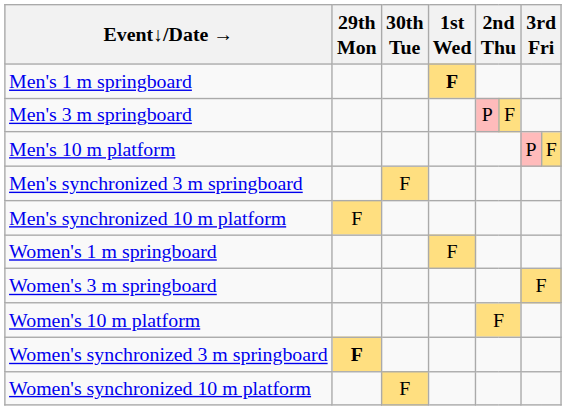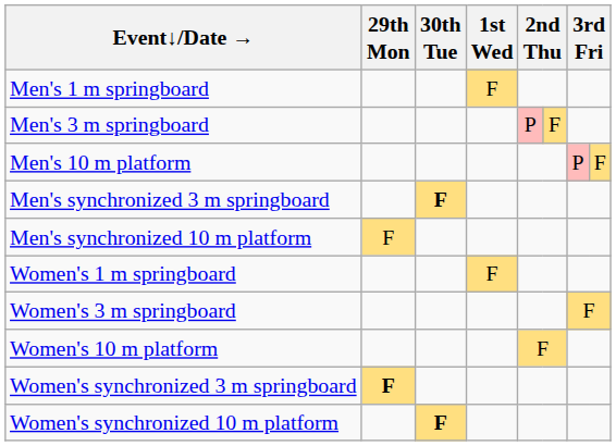 <table class="wikitable" style="margin:0.5em auto; font-size:90%; line-height:1.25em; text-align:center;">
 <tr>
 <th>Event↓/Date →</th>
 <th>29th<br>Mon</th>
 <th>30th<br>Tue</th>
 <th>1st<br>Wed</th>
 <th colspan=2>2nd<br>Thu</th>
 <th colspan=2>3rd<br>Fri</th>
 </tr>
 <tr>
 <td align="left"><a href='#'>Men's 1 m springboard</a></td>
 <td></td>
 <td></td>
-<td bgcolor="#FFDF80"><strong>F</strong></td>
+<td bgcolor="#FFDF80">F</td>
 <td colspan=2></td>
 <td colspan=2></td>
 </tr>
 <tr>
 <td align="left"><a href='#'>Men's 3 m springboard</a></td>
 <td></td>
 <td></td>
 <td></td>
 <td bgcolor="#FFBBBB">P</td>
 <td bgcolor="#FFDF80">F</td>
 <td colspan=2></td>
 </tr>
 <tr>
 <td align="left"><a href='#'>Men's 10 m platform</a></td>
 <td></td>
 <td></td>
 <td></td>
 <td colspan=2></td>
 <td bgcolor="#FFBBBB">P</td>
 <td bgcolor="#FFDF80">F</td>
 </tr>
 <tr>
 <td align="left"><a href='#'>Men's synchronized 3 m springboard</a></td>
 <td></td>
-<td bgcolor="#FFDF80">F</td>
+<td bgcolor="#FFDF80"><strong>F</strong></td>
 <td></td>
 <td colspan=2></td>
 <td colspan=2></td>
 </tr>
 <tr>
 <td align="left"><a href='#'>Men's synchronized 10 m platform</a></td>
 <td bgcolor="#FFDF80">F</td>
 <td></td>
 <td></td>
 <td colspan=2></td>
 <td colspan=2></td>
 </tr>
 <tr>
 <td align="left"><a href='#'>Women's 1 m springboard</a></td>
 <td></td>
 <td></td>
 <td bgcolor="#FFDF80">F</td>
 <td colspan=2></td>
 <td colspan=2></td>
 </tr>
 <tr>
 <td align="left"><a href='#'>Women's 3 m springboard</a></td>
 <td></td>
 <td></td>
 <td></td>
 <td colspan=2></td>
 <td colspan=2 bgcolor="#FFDF80">F</td>
 </tr>
 <tr>
 <td align="left"><a href='#'>Women's 10 m platform</a></td>
 <td></td>
 <td></td>
 <td></td>
 <td colspan=2 bgcolor="#FFDF80">F</td>
 <td colspan=2></td>
 </tr>
 <tr>
 <td align="left"><a href='#'>Women's synchronized 3 m springboard</a></td>
 <td bgcolor="#FFDF80"><strong>F</strong></td>
 <td></td>
 <td></td>
 <td colspan=2></td>
 <td colspan=2></td>
 </tr>
 <tr>
 <td align="left"><a href='#'>Women's synchronized 10 m platform</a></td>
 <td></td>
-<td bgcolor="#FFDF80">F</td>
+<td bgcolor="#FFDF80"><strong>F</strong></td>
 <td></td>
 <td colspan=2></td>
 <td colspan=2></td>
 </tr>
 </table>
